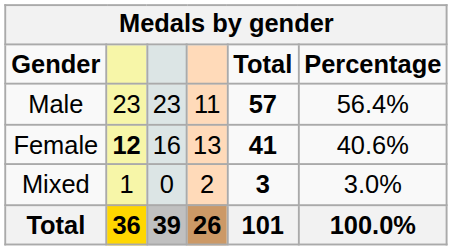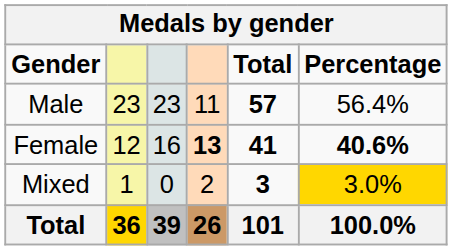 <table class=wikitable style="font-size:85%; float:right;text-align:center">
 <tr bgcolor=EFEFEF>
 <th colspan=6>Medals by gender</th>
 </tr>
 <tr>
 <td><strong>Gender</strong></td>
 <td bgcolor=F7F6A8></td>
 <td bgcolor=DCE5E5></td>
 <td bgcolor=FFDAB9></td>
 <td><strong>Total</strong></td>
 <td><strong>Percentage</strong></td>
 </tr>
 <tr>
 <td>Male</td>
 <td bgcolor=F7F6A8>23</td>
 <td bgcolor=DCE5E5>23</td>
 <td bgcolor=FFDAB9>11</td>
 <td><strong>57</strong></td>
 <td>56.4%</td>
 </tr>
 <tr>
 <td>Female</td>
-<td bgcolor=F7F6A8><strong>12</strong></td>
+<td bgcolor=F7F6A8>12</td>
 <td bgcolor=DCE5E5>16</td>
-<td bgcolor=FFDAB9>13</td>
+<td bgcolor=FFDAB9><strong>13</strong></td>
 <td><strong>41</strong></td>
-<td>40.6%</td>
+<td><strong>40.6%</strong></td>
 </tr>
 <tr>
 <td>Mixed</td>
 <td bgcolor=F7F6A8>1</td>
 <td bgcolor=DCE5E5>0</td>
 <td bgcolor=FFDAB9>2</td>
 <td><strong>3</strong></td>
-<td>3.0%</td>
+<td style="background: gold;">3.0%</td>
 </tr>
 <tr>
 <th>Total</th>
 <th style=background:gold>36</th>
 <th style=background:silver>39</th>
 <th style=background:#C96>26</th>
 <th>101</th>
 <th>100.0%</th>
 </tr>
 </table>
